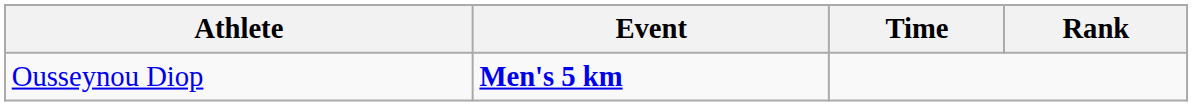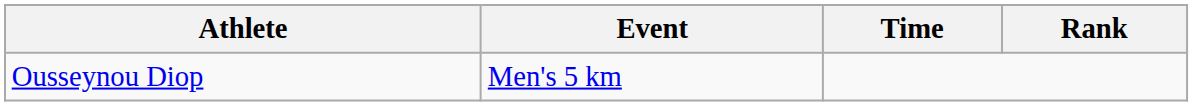 <table class="wikitable" style="text-align:center; font-size:90%; width:30%;">
 <tr>
 <th>Athlete</th>
 <th>Event</th>
 <th>Time</th>
 <th>Rank</th>
 </tr>
 <tr>
 <td align=left><a href='#'>Ousseynou Diop</a></td>
-<td align=left><strong><a href='#'>Men's 5 km</a></strong></td>
+<td align=left><a href='#'>Men's 5 km</a></td>
 <td colspan=2></td>
 </tr>
 </table>
